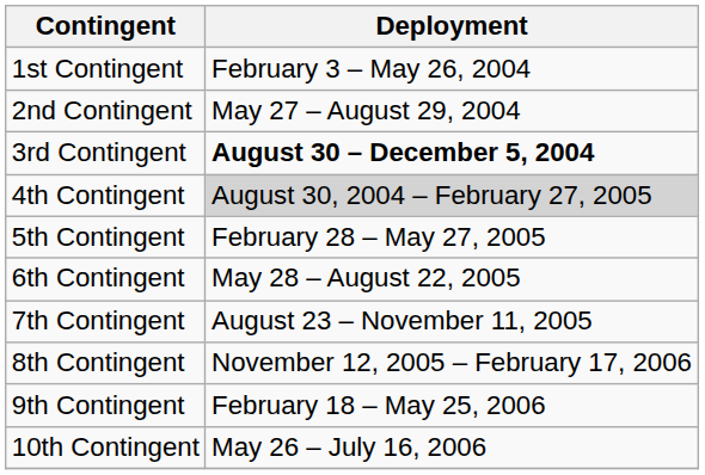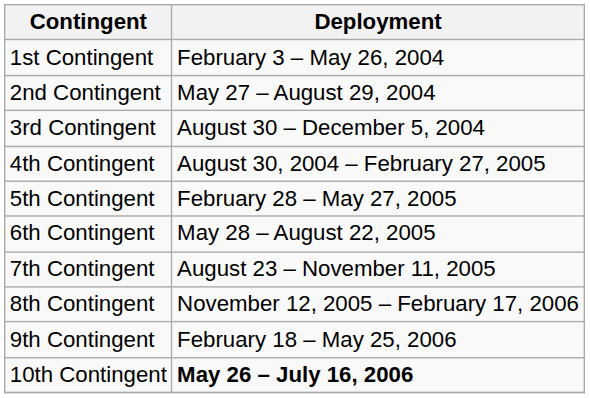 <table class="wikitable">
 <tr>
 <th>Contingent</th>
 <th>Deployment</th>
 </tr>
 <tr>
 <td>1st Contingent</td>
 <td>February 3 – May 26, 2004</td>
 </tr>
 <tr>
 <td>2nd Contingent</td>
 <td>May 27 – August 29, 2004</td>
 </tr>
 <tr>
 <td>3rd Contingent</td>
-<td><strong>August 30 – December 5, 2004</strong></td>
+<td>August 30 – December 5, 2004</td>
 </tr>
 <tr>
 <td>4th Contingent</td>
-<td style="background: lightgrey;">August 30, 2004 – February 27, 2005</td>
+<td>August 30, 2004 – February 27, 2005</td>
 </tr>
 <tr>
 <td>5th Contingent</td>
 <td>February 28 – May 27, 2005</td>
 </tr>
 <tr>
 <td>6th Contingent</td>
 <td>May 28 – August 22, 2005</td>
 </tr>
 <tr>
 <td>7th Contingent</td>
 <td>August 23 – November 11, 2005</td>
 </tr>
 <tr>
 <td>8th Contingent</td>
 <td>November 12, 2005 – February 17, 2006</td>
 </tr>
 <tr>
 <td>9th Contingent</td>
 <td>February 18 – May 25, 2006</td>
 </tr>
 <tr>
 <td>10th Contingent</td>
-<td>May 26 – July 16, 2006</td>
+<td><strong>May 26 – July 16, 2006</strong></td>
 </tr>
 <tr>
 </tr>
 </table>
